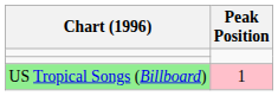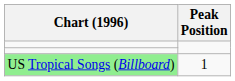 <table class="wikitable">
 <tr>
 <th>Chart (1996)</th>
 <th>Peak<br>Position</th>
 </tr>
 <tr>
 <td></td>
 </tr>
 <tr>
 <td></td>
 </tr>
 <tr>
 <td style="background: lightgreen;">US <a href='#'>Tropical Songs</a> (<a href='#'><em>Billboard</em></a>)</td>
-<td align="center" style="background: pink;">1</td>
+<td align="center">1</td>
 </tr>
 </table>
